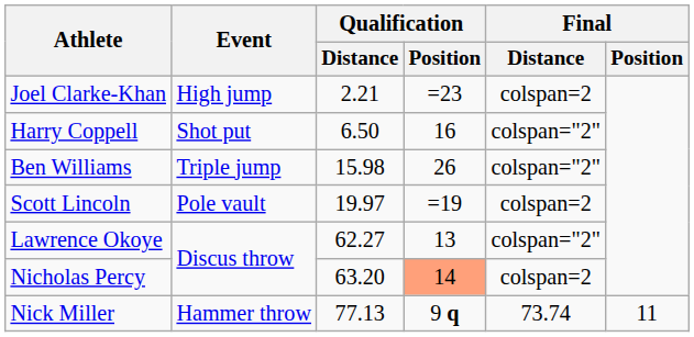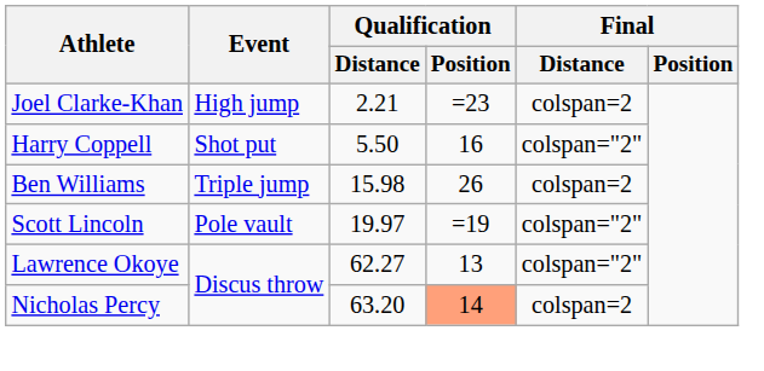 <table class="wikitable" style="font-size:90%">
 <tr>
 <th rowspan="2">Athlete</th>
 <th rowspan="2">Event</th>
 <th colspan="2">Qualification</th>
 <th colspan="2">Final</th>
 </tr>
 <tr style="font-size:95%">
 <th>Distance</th>
 <th>Position</th>
 <th>Distance</th>
 <th>Position</th>
 </tr>
 <tr align="center">
 <td align="left"><a href='#'>Joel Clarke-Khan</a></td>
 <td align="left"><a href='#'>High jump</a></td>
 <td>2.21</td>
 <td>=23</td>
 <td>colspan=2 </td>
 </tr>
 <tr align="center">
 <td align="left"><a href='#'>Harry Coppell</a></td>
 <td align="left"><a href='#'>Shot put</a></td>
-<td>6.50</td>
+<td>5.50</td>
 <td>16</td>
 <td>colspan="2" </td>
 </tr>
 <tr align="center">
 <td align="left"><a href='#'>Ben Williams</a></td>
 <td align="left"><a href='#'>Triple jump</a></td>
 <td>15.98</td>
 <td>26</td>
-<td>colspan="2" </td>
+<td>colspan=2 </td>
 </tr>
 <tr align="center">
 <td align="left"><a href='#'>Scott Lincoln</a></td>
 <td align="left"><a href='#'>Pole vault</a></td>
 <td>19.97</td>
 <td>=19</td>
-<td>colspan=2 </td>
+<td>colspan="2" </td>
 </tr>
 <tr align="center">
 <td align="left"><a href='#'>Lawrence Okoye</a></td>
 <td rowspan="2" align="left"><a href='#'>Discus throw</a></td>
 <td>62.27</td>
 <td>13</td>
 <td>colspan="2" </td>
 </tr>
 <tr align="center">
 <td align="left"><a href='#'>Nicholas Percy</a></td>
 <td>63.20</td>
 <td style="background: lightsalmon;">14</td>
 <td>colspan=2 </td>
 </tr>
-<tr align="center">
-<td align="left"><a href='#'>Nick Miller</a></td>
-<td align="left"><a href='#'>Hammer throw</a></td>
-<td>77.13 </td>
-<td>9 <strong>q</strong></td>
-<td>73.74</td>
-<td>11</td>
-</tr>
 </table>
